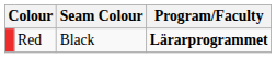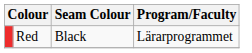 <table class=wikitable>
 <tr>
 <th colspan=2>Colour</th>
 <th>Seam Colour</th>
 <th>Program/Faculty</th>
 </tr>
 <tr>
 <td style="background:#EE2C2C"></td>
 <td>Red</td>
 <td>Black</td>
-<td><strong>Lärarprogrammet</strong></td>
+<td>Lärarprogrammet</td>
 </tr>
 <tr>
 </tr>
 </table>
